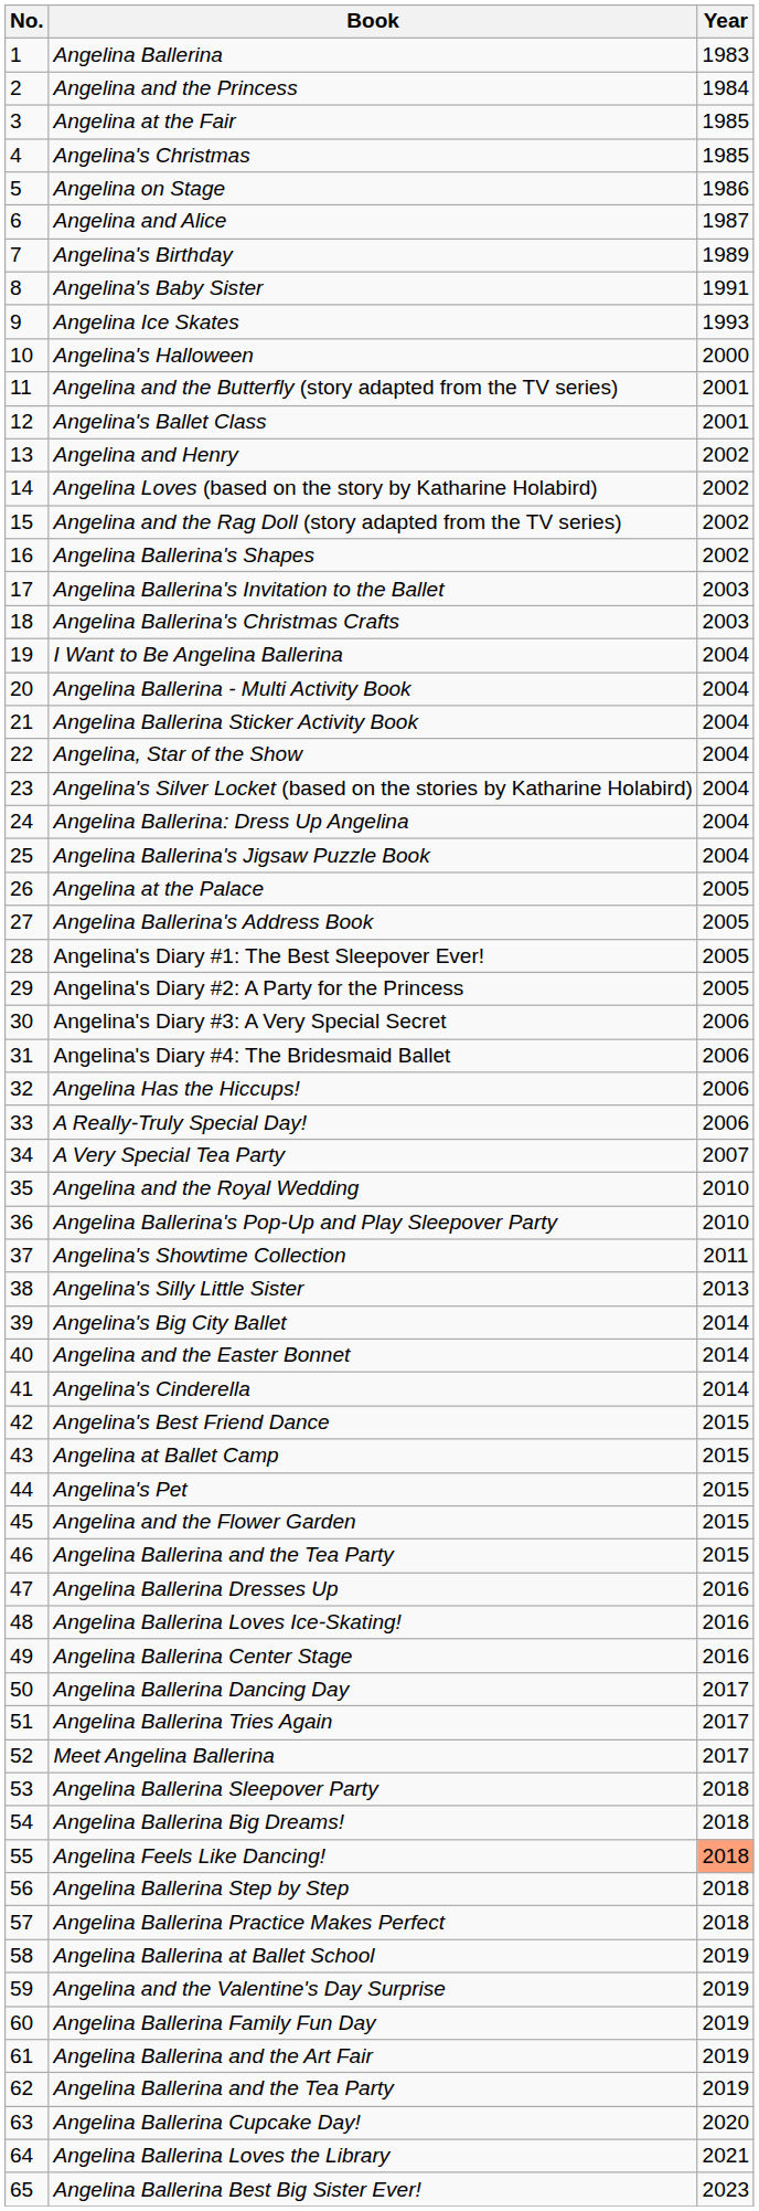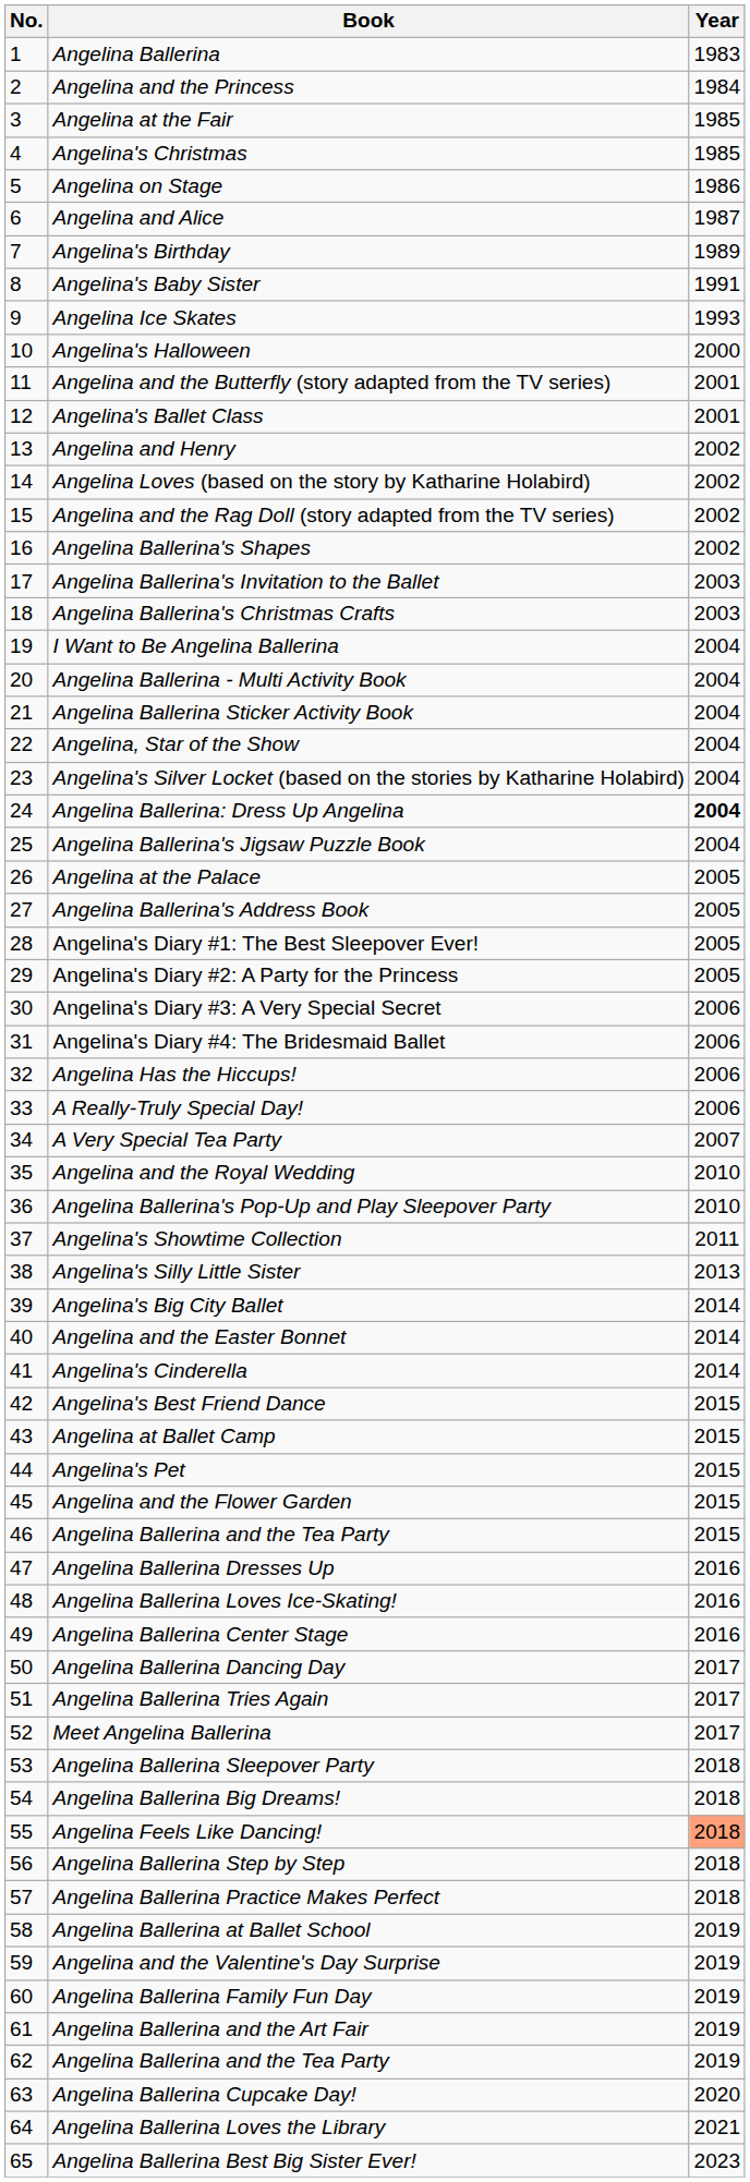 <table class="wikitable">
 <tr>
 <th>No.</th>
 <th>Book</th>
 <th>Year</th>
 </tr>
 <tr>
 <td>1</td>
 <td><em>Angelina Ballerina</em></td>
 <td align="center">1983</td>
 </tr>
 <tr>
 <td>2</td>
 <td><em>Angelina and the Princess</em></td>
 <td align="center">1984</td>
 </tr>
 <tr>
 <td>3</td>
 <td><em>Angelina at the Fair</em></td>
 <td align="center">1985</td>
 </tr>
 <tr>
 <td>4</td>
 <td><em>Angelina's Christmas</em></td>
 <td align="center">1985</td>
 </tr>
 <tr>
 <td>5</td>
 <td><em>Angelina on Stage</em></td>
 <td align="center">1986</td>
 </tr>
 <tr>
 <td>6</td>
 <td><em>Angelina and Alice</em></td>
 <td align="center">1987</td>
 </tr>
 <tr>
 <td>7</td>
 <td><em>Angelina's Birthday</em></td>
 <td align="center">1989</td>
 </tr>
 <tr>
 <td>8</td>
 <td><em>Angelina's Baby Sister</em></td>
 <td align="center">1991</td>
 </tr>
 <tr>
 <td>9</td>
 <td><em>Angelina Ice Skates</em></td>
 <td align="center">1993</td>
 </tr>
 <tr>
 <td>10</td>
 <td><em>Angelina's Halloween</em></td>
 <td align="center">2000</td>
 </tr>
 <tr>
 <td>11</td>
 <td><em>Angelina and the Butterfly</em> (story adapted from the TV series)</td>
 <td align="center">2001</td>
 </tr>
 <tr>
 <td>12</td>
 <td><em>Angelina's Ballet Class</em></td>
 <td align="center">2001</td>
 </tr>
 <tr>
 <td>13</td>
 <td><em>Angelina and Henry</em></td>
 <td align="center">2002</td>
 </tr>
 <tr>
 <td>14</td>
 <td><em>Angelina Loves</em> (based on the story by Katharine Holabird)</td>
 <td align="center">2002</td>
 </tr>
 <tr>
 <td>15</td>
 <td><em>Angelina and the Rag Doll</em> (story adapted from the TV series)</td>
 <td align="center">2002</td>
 </tr>
 <tr>
 <td>16</td>
 <td><em>Angelina Ballerina's Shapes</em></td>
 <td align="center">2002</td>
 </tr>
 <tr>
 <td>17</td>
 <td><em>Angelina Ballerina's Invitation to the Ballet</em></td>
 <td align="center">2003</td>
 </tr>
 <tr>
 <td>18</td>
 <td><em>Angelina Ballerina's Christmas Crafts</em></td>
 <td align="center">2003</td>
 </tr>
 <tr>
 <td>19</td>
 <td><em>I Want to Be Angelina Ballerina</em></td>
 <td align="center">2004</td>
 </tr>
 <tr>
 <td>20</td>
 <td><em>Angelina Ballerina - Multi Activity Book</em></td>
 <td align="center">2004</td>
 </tr>
 <tr>
 <td>21</td>
 <td><em>Angelina Ballerina Sticker Activity Book</em></td>
 <td align="center">2004</td>
 </tr>
 <tr>
 <td>22</td>
 <td><em>Angelina, Star of the Show</em></td>
 <td align="center">2004</td>
 </tr>
 <tr>
 <td>23</td>
 <td><em>Angelina's Silver Locket</em> (based on the stories by Katharine Holabird)</td>
 <td align="center">2004</td>
 </tr>
 <tr>
 <td>24</td>
 <td><em>Angelina Ballerina: Dress Up Angelina</em></td>
-<td align="center">2004</td>
+<td align="center"><strong>2004</strong></td>
 </tr>
 <tr>
 <td>25</td>
 <td><em>Angelina Ballerina's Jigsaw Puzzle Book</em></td>
 <td align="center">2004</td>
 </tr>
 <tr>
 <td>26</td>
 <td><em>Angelina at the Palace</em></td>
 <td align="center">2005</td>
 </tr>
 <tr>
 <td>27</td>
 <td><em>Angelina Ballerina's Address Book</em></td>
 <td align="center">2005</td>
 </tr>
 <tr>
 <td>28</td>
 <td>Angelina's Diary #1: The Best Sleepover Ever!</td>
 <td align="center">2005</td>
 </tr>
 <tr>
 <td>29</td>
 <td>Angelina's Diary #2: A Party for the Princess</td>
 <td align="center">2005</td>
 </tr>
 <tr>
 <td>30</td>
 <td>Angelina's Diary #3: A Very Special Secret</td>
 <td align="center">2006</td>
 </tr>
 <tr>
 <td>31</td>
 <td>Angelina's Diary #4: The Bridesmaid Ballet</td>
 <td align="center">2006</td>
 </tr>
 <tr>
 <td>32</td>
 <td><em>Angelina Has the Hiccups!</em></td>
 <td align="center">2006</td>
 </tr>
 <tr>
 <td>33</td>
 <td><em>A Really-Truly Special Day!</em></td>
 <td align="center">2006</td>
 </tr>
 <tr>
 <td>34</td>
 <td><em>A Very Special Tea Party</em></td>
 <td align="center">2007</td>
 </tr>
 <tr>
 <td>35</td>
 <td><em>Angelina and the Royal Wedding</em></td>
 <td align="center">2010</td>
 </tr>
 <tr>
 <td>36</td>
 <td><em>Angelina Ballerina's Pop-Up and Play Sleepover Party</em></td>
 <td align="center">2010</td>
 </tr>
 <tr>
 <td>37</td>
 <td><em>Angelina's Showtime Collection</em></td>
 <td align="center">2011</td>
 </tr>
 <tr>
 <td>38</td>
 <td><em>Angelina's Silly Little Sister</em></td>
 <td align="center">2013</td>
 </tr>
 <tr>
 <td>39</td>
 <td><em>Angelina's Big City Ballet</em></td>
 <td align="center">2014</td>
 </tr>
 <tr>
 <td>40</td>
 <td><em>Angelina and the Easter Bonnet</em></td>
 <td align="center">2014</td>
 </tr>
 <tr>
 <td>41</td>
 <td><em>Angelina's Cinderella</em></td>
 <td align="center">2014</td>
 </tr>
 <tr>
 <td>42</td>
 <td><em>Angelina's Best Friend Dance</em></td>
 <td align="center">2015</td>
 </tr>
 <tr>
 <td>43</td>
 <td><em>Angelina at Ballet Camp</em></td>
 <td align="center">2015</td>
 </tr>
 <tr>
 <td>44</td>
 <td><em>Angelina's Pet</em></td>
 <td align="center">2015</td>
 </tr>
 <tr>
 <td>45</td>
 <td><em>Angelina and the Flower Garden</em></td>
 <td align="center">2015</td>
 </tr>
 <tr>
 <td>46</td>
 <td><em>Angelina Ballerina and the Tea Party</em></td>
 <td align="center">2015</td>
 </tr>
 <tr>
 <td>47</td>
 <td><em>Angelina Ballerina Dresses Up</em></td>
 <td align="center">2016</td>
 </tr>
 <tr>
 <td>48</td>
 <td><em>Angelina Ballerina Loves Ice-Skating!</em></td>
 <td align="center">2016</td>
 </tr>
 <tr>
 <td>49</td>
 <td><em>Angelina Ballerina Center Stage</em></td>
 <td align="center">2016</td>
 </tr>
 <tr>
 <td>50</td>
 <td><em>Angelina Ballerina Dancing Day</em></td>
 <td align="center">2017</td>
 </tr>
 <tr>
 <td>51</td>
 <td><em>Angelina Ballerina Tries Again</em></td>
 <td align="center">2017</td>
 </tr>
 <tr>
 <td>52</td>
 <td><em>Meet Angelina Ballerina</em></td>
 <td align="center">2017</td>
 </tr>
 <tr>
 <td>53</td>
 <td><em>Angelina Ballerina Sleepover Party</em></td>
 <td align="center">2018</td>
 </tr>
 <tr>
 <td>54</td>
 <td><em>Angelina Ballerina Big Dreams!</em></td>
 <td align="center">2018</td>
 </tr>
 <tr>
 <td>55</td>
 <td><em>Angelina Feels Like Dancing!</em></td>
 <td align="center" style="background: lightsalmon;">2018</td>
 </tr>
 <tr>
 <td>56</td>
 <td><em>Angelina Ballerina Step by Step</em></td>
 <td align="center">2018</td>
 </tr>
 <tr>
 <td>57</td>
 <td><em>Angelina Ballerina Practice Makes Perfect</em></td>
 <td align="center">2018</td>
 </tr>
 <tr>
 <td>58</td>
 <td><em>Angelina Ballerina at Ballet School</em></td>
 <td align="center">2019</td>
 </tr>
 <tr>
 <td>59</td>
 <td><em>Angelina and the Valentine's Day Surprise</em></td>
 <td align="center">2019</td>
 </tr>
 <tr>
 <td>60</td>
 <td><em>Angelina Ballerina Family Fun Day</em></td>
 <td align="center">2019</td>
 </tr>
 <tr>
 <td>61</td>
 <td><em>Angelina Ballerina and the Art Fair</em></td>
 <td align="center">2019</td>
 </tr>
 <tr>
 <td>62</td>
 <td><em>Angelina Ballerina and the Tea Party</em></td>
 <td align="center">2019</td>
 </tr>
 <tr>
 <td>63</td>
 <td><em>Angelina Ballerina Cupcake Day!</em></td>
 <td align="center">2020</td>
 </tr>
 <tr>
 <td>64</td>
 <td><em>Angelina Ballerina Loves the Library</em></td>
 <td align="center">2021</td>
 </tr>
 <tr>
 <td>65</td>
 <td><em>Angelina Ballerina Best Big Sister Ever!</em></td>
 <td align="center">2023</td>
 </tr>
 </table>
